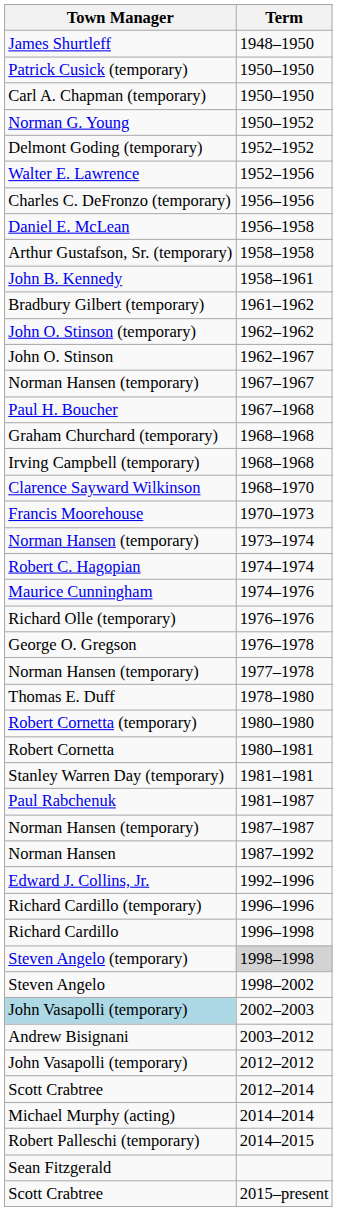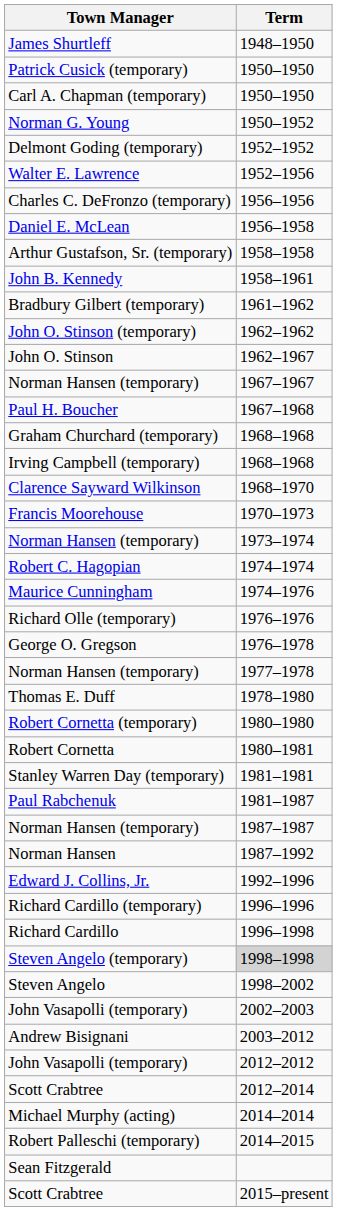 <table class="wikitable">
 <tr>
 <th>Town Manager</th>
 <th>Term</th>
 </tr>
 <tr>
 <td><a href='#'>James Shurtleff</a></td>
 <td>1948–1950</td>
 </tr>
 <tr>
 <td><a href='#'>Patrick Cusick</a> (temporary)</td>
 <td>1950–1950</td>
 </tr>
 <tr>
 <td>Carl A. Chapman (temporary)</td>
 <td>1950–1950</td>
 </tr>
 <tr>
 <td><a href='#'>Norman G. Young</a></td>
 <td>1950–1952</td>
 </tr>
 <tr>
 <td>Delmont Goding (temporary)</td>
 <td>1952–1952</td>
 </tr>
 <tr>
 <td><a href='#'>Walter E. Lawrence</a></td>
 <td>1952–1956</td>
 </tr>
 <tr>
 <td>Charles C. DeFronzo (temporary)</td>
 <td>1956–1956</td>
 </tr>
 <tr>
 <td><a href='#'>Daniel E. McLean</a></td>
 <td>1956–1958</td>
 </tr>
 <tr>
 <td>Arthur Gustafson, Sr. (temporary)</td>
 <td>1958–1958</td>
 </tr>
 <tr>
 <td><a href='#'>John B. Kennedy</a></td>
 <td>1958–1961</td>
 </tr>
 <tr>
 <td>Bradbury Gilbert (temporary)</td>
 <td>1961–1962</td>
 </tr>
 <tr>
 <td><a href='#'>John O. Stinson</a> (temporary)</td>
 <td>1962–1962</td>
 </tr>
 <tr>
 <td>John O. Stinson</td>
 <td>1962–1967</td>
 </tr>
 <tr>
 <td>Norman Hansen (temporary)</td>
 <td>1967–1967</td>
 </tr>
 <tr>
 <td><a href='#'>Paul H. Boucher</a></td>
 <td>1967–1968</td>
 </tr>
 <tr>
 <td>Graham Churchard (temporary)</td>
 <td>1968–1968</td>
 </tr>
 <tr>
 <td>Irving Campbell (temporary)</td>
 <td>1968–1968</td>
 </tr>
 <tr>
 <td><a href='#'>Clarence Sayward Wilkinson</a></td>
 <td>1968–1970</td>
 </tr>
 <tr>
 <td><a href='#'>Francis Moorehouse</a></td>
 <td>1970–1973</td>
 </tr>
 <tr>
 <td><a href='#'>Norman Hansen</a> (temporary)</td>
 <td>1973–1974</td>
 </tr>
 <tr>
 <td><a href='#'>Robert C. Hagopian</a></td>
 <td>1974–1974</td>
 </tr>
 <tr>
 <td><a href='#'>Maurice Cunningham</a></td>
 <td>1974–1976</td>
 </tr>
 <tr>
 <td>Richard Olle (temporary)</td>
 <td>1976–1976</td>
 </tr>
 <tr>
 <td>George O. Gregson</td>
 <td>1976–1978</td>
 </tr>
 <tr>
 <td>Norman Hansen (temporary)</td>
 <td>1977–1978</td>
 </tr>
 <tr>
 <td>Thomas E. Duff</td>
 <td>1978–1980</td>
 </tr>
 <tr>
 <td><a href='#'>Robert Cornetta</a> (temporary)</td>
 <td>1980–1980</td>
 </tr>
 <tr>
 <td>Robert Cornetta</td>
 <td>1980–1981</td>
 </tr>
 <tr>
 <td>Stanley Warren Day (temporary)</td>
 <td>1981–1981</td>
 </tr>
 <tr>
 <td><a href='#'>Paul Rabchenuk</a></td>
 <td>1981–1987</td>
 </tr>
 <tr>
 <td>Norman Hansen (temporary)</td>
 <td>1987–1987</td>
 </tr>
 <tr>
 <td>Norman Hansen</td>
 <td>1987–1992</td>
 </tr>
 <tr>
 <td><a href='#'>Edward J. Collins, Jr.</a></td>
 <td>1992–1996</td>
 </tr>
 <tr>
 <td>Richard Cardillo (temporary)</td>
 <td>1996–1996</td>
 </tr>
 <tr>
 <td>Richard Cardillo</td>
 <td>1996–1998</td>
 </tr>
 <tr>
 <td><a href='#'>Steven Angelo</a> (temporary)</td>
 <td style="background: lightgrey;">1998–1998</td>
 </tr>
 <tr>
 <td>Steven Angelo</td>
 <td>1998–2002</td>
 </tr>
 <tr>
-<td style="background: lightblue;">John Vasapolli (temporary)</td>
+<td>John Vasapolli (temporary)</td>
 <td>2002–2003</td>
 </tr>
 <tr>
 <td>Andrew Bisignani</td>
 <td>2003–2012</td>
 </tr>
 <tr>
 <td>John Vasapolli (temporary)</td>
 <td>2012–2012</td>
 </tr>
 <tr>
 <td>Scott Crabtree</td>
 <td>2012–2014</td>
 </tr>
 <tr>
 <td>Michael Murphy (acting)</td>
 <td>2014–2014</td>
 </tr>
 <tr>
 <td>Robert Palleschi (temporary)</td>
 <td>2014–2015</td>
 </tr>
 <tr>
 <td>Sean Fitzgerald</td>
 <td></td>
 </tr>
 <tr>
 <td>Scott Crabtree</td>
 <td>2015–present</td>
 </tr>
 </table>
